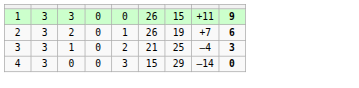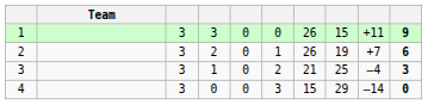 <table class="wikitable" style="text-align: center; font-size: 100%;">
 <tr>
 <th width="30"></th>
+<th width="140">Team</th>
 <th width="30"></th>
 <th width="30"></th>
 <th width="30"></th>
 <th width="30"></th>
 <th width="30"></th>
 <th width="30"></th>
 <th width="30"></th>
 <th width="30"></th>
 </tr>
 <tr style="background-color: #ccffcc;">
 <td>1</td>
+<td align=left><strong></strong></td>
 <td>3</td>
 <td>3</td>
 <td>0</td>
 <td>0</td>
 <td>26</td>
 <td>15</td>
 <td>+11</td>
 <td><strong>9</strong></td>
 </tr>
 <tr>
 <td>2</td>
+<td align=left></td>
 <td>3</td>
 <td>2</td>
 <td>0</td>
 <td>1</td>
 <td>26</td>
 <td>19</td>
 <td>+7</td>
 <td><strong>6</strong></td>
 </tr>
 <tr>
 <td>3</td>
+<td align=left></td>
 <td>3</td>
 <td>1</td>
 <td>0</td>
 <td>2</td>
 <td>21</td>
 <td>25</td>
 <td>–4</td>
 <td><strong>3</strong></td>
 </tr>
 <tr>
 <td>4</td>
+<td align=left></td>
 <td>3</td>
 <td>0</td>
 <td>0</td>
 <td>3</td>
 <td>15</td>
 <td>29</td>
 <td>–14</td>
 <td><strong>0</strong></td>
 </tr>
 </table>
